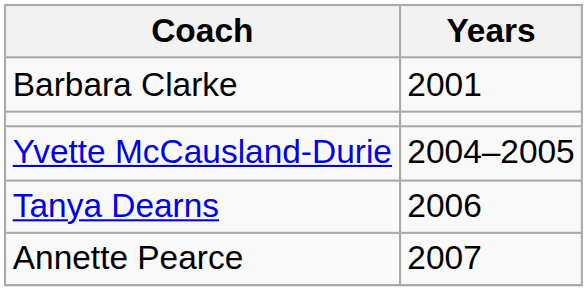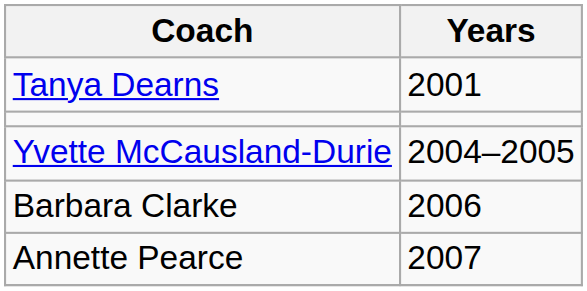 <table class="wikitable collapsible">
 <tr>
 <th>Coach</th>
 <th>Years</th>
 </tr>
 <tr>
-<td>Barbara Clarke</td>
+<td><a href='#'>Tanya Dearns</a></td>
 <td>2001</td>
 </tr>
 <tr>
 <td></td>
 <td></td>
 </tr>
 <tr>
 <td><a href='#'>Yvette McCausland-Durie</a></td>
 <td>2004–2005</td>
 </tr>
 <tr>
-<td><a href='#'>Tanya Dearns</a></td>
+<td>Barbara Clarke</td>
 <td>2006</td>
 </tr>
 <tr>
 <td>Annette Pearce</td>
 <td>2007</td>
 </tr>
 <tr>
 </tr>
 </table>
